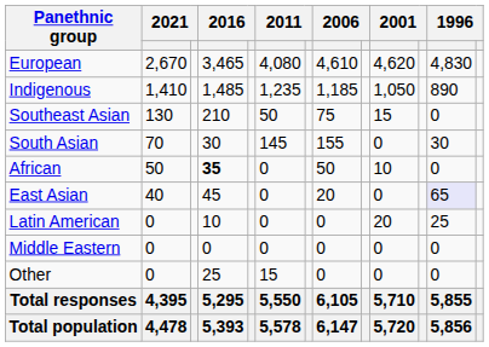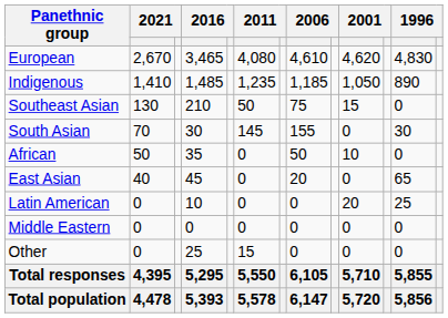 <table class="wikitable collapsible sortable">
 <tr>
 <th rowspan="2"><a href='#'>Panethnic</a><br>group</th>
 <th colspan="2">2021</th>
 <th colspan="2">2016</th>
 <th colspan="2">2011</th>
 <th colspan="2">2006</th>
 <th colspan="2">2001</th>
 <th colspan="2">1996</th>
 </tr>
 <tr>
 <th><a href='#'></a></th>
 <th></th>
 <th></th>
 <th></th>
 <th></th>
 <th></th>
 <th></th>
 <th></th>
 <th></th>
 <th></th>
 <th></th>
 <th></th>
 </tr>
 <tr>
 <td><a href='#'>European</a></td>
 <td>2,670</td>
 <td></td>
 <td>3,465</td>
 <td></td>
 <td>4,080</td>
 <td></td>
 <td>4,610</td>
 <td></td>
 <td>4,620</td>
 <td></td>
 <td>4,830</td>
 <td></td>
 </tr>
 <tr>
 <td><a href='#'>Indigenous</a></td>
 <td>1,410</td>
 <td></td>
 <td>1,485</td>
 <td></td>
 <td>1,235</td>
 <td></td>
 <td>1,185</td>
 <td></td>
 <td>1,050</td>
 <td></td>
 <td>890</td>
 <td></td>
 </tr>
 <tr>
 <td><a href='#'>Southeast Asian</a></td>
 <td>130</td>
 <td></td>
 <td>210</td>
 <td></td>
 <td>50</td>
 <td></td>
 <td>75</td>
 <td></td>
 <td>15</td>
 <td></td>
 <td>0</td>
 <td></td>
 </tr>
 <tr>
 <td><a href='#'>South Asian</a></td>
 <td>70</td>
 <td></td>
 <td>30</td>
 <td></td>
 <td>145</td>
 <td></td>
 <td>155</td>
 <td></td>
 <td>0</td>
 <td></td>
 <td>30</td>
 <td></td>
 </tr>
 <tr>
 <td><a href='#'>African</a></td>
 <td>50</td>
 <td></td>
-<td><strong>35</strong></td>
+<td>35</td>
 <td></td>
 <td>0</td>
 <td></td>
 <td>50</td>
 <td></td>
 <td>10</td>
 <td></td>
 <td>0</td>
 <td></td>
 </tr>
 <tr>
 <td><a href='#'>East Asian</a></td>
 <td>40</td>
 <td></td>
 <td>45</td>
 <td></td>
 <td>0</td>
 <td></td>
 <td>20</td>
 <td></td>
 <td>0</td>
 <td></td>
-<td style="background: lavender;">65</td>
+<td>65</td>
 <td></td>
 </tr>
 <tr>
 <td><a href='#'>Latin American</a></td>
 <td>0</td>
 <td></td>
 <td>10</td>
 <td></td>
 <td>0</td>
 <td></td>
 <td>0</td>
 <td></td>
 <td>20</td>
 <td></td>
 <td>25</td>
 <td></td>
 </tr>
 <tr>
 <td><a href='#'>Middle Eastern</a></td>
 <td>0</td>
 <td></td>
 <td>0</td>
 <td></td>
 <td>0</td>
 <td></td>
 <td>0</td>
 <td></td>
 <td>0</td>
 <td></td>
 <td>0</td>
 <td></td>
 </tr>
 <tr>
 <td>Other</td>
 <td>0</td>
 <td></td>
 <td>25</td>
 <td></td>
 <td>15</td>
 <td></td>
 <td>0</td>
 <td></td>
 <td>0</td>
 <td></td>
 <td>0</td>
 <td></td>
 </tr>
 <tr>
 <th>Total responses</th>
 <th>4,395</th>
 <th></th>
 <th>5,295</th>
 <th></th>
 <th>5,550</th>
 <th></th>
 <th>6,105</th>
 <th></th>
 <th>5,710</th>
 <th></th>
 <th>5,855</th>
 <th></th>
 </tr>
 <tr>
 <th>Total population</th>
 <th>4,478</th>
 <th></th>
 <th>5,393</th>
 <th></th>
 <th>5,578</th>
 <th></th>
 <th>6,147</th>
 <th></th>
 <th>5,720</th>
 <th></th>
 <th>5,856</th>
 <th></th>
 </tr>
 </table>
